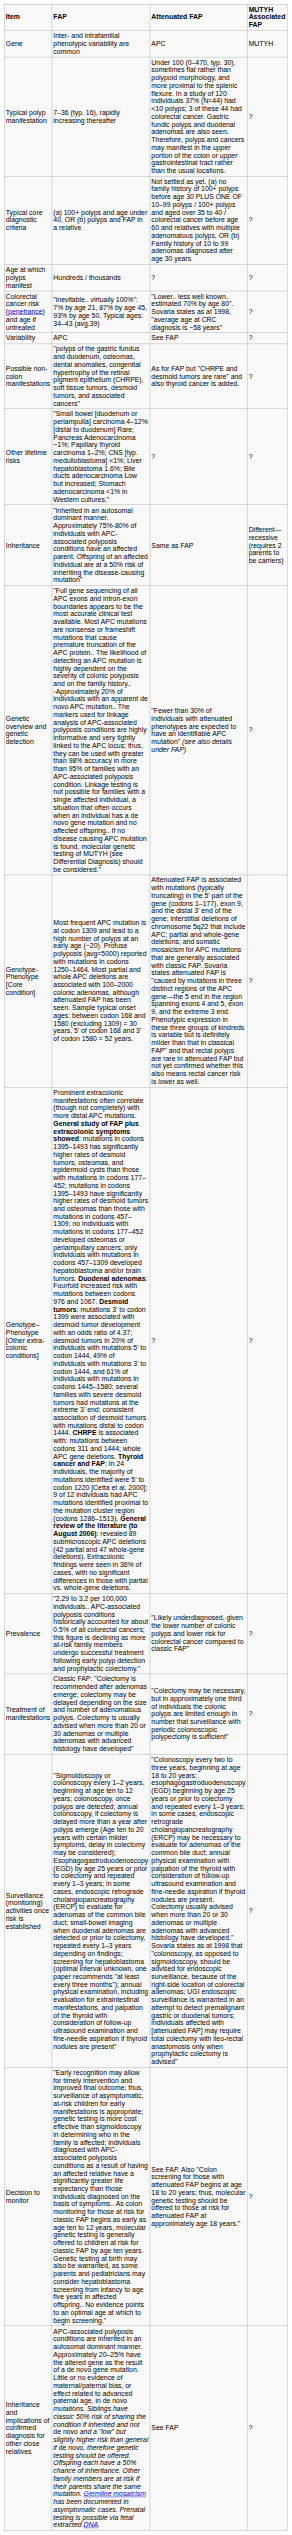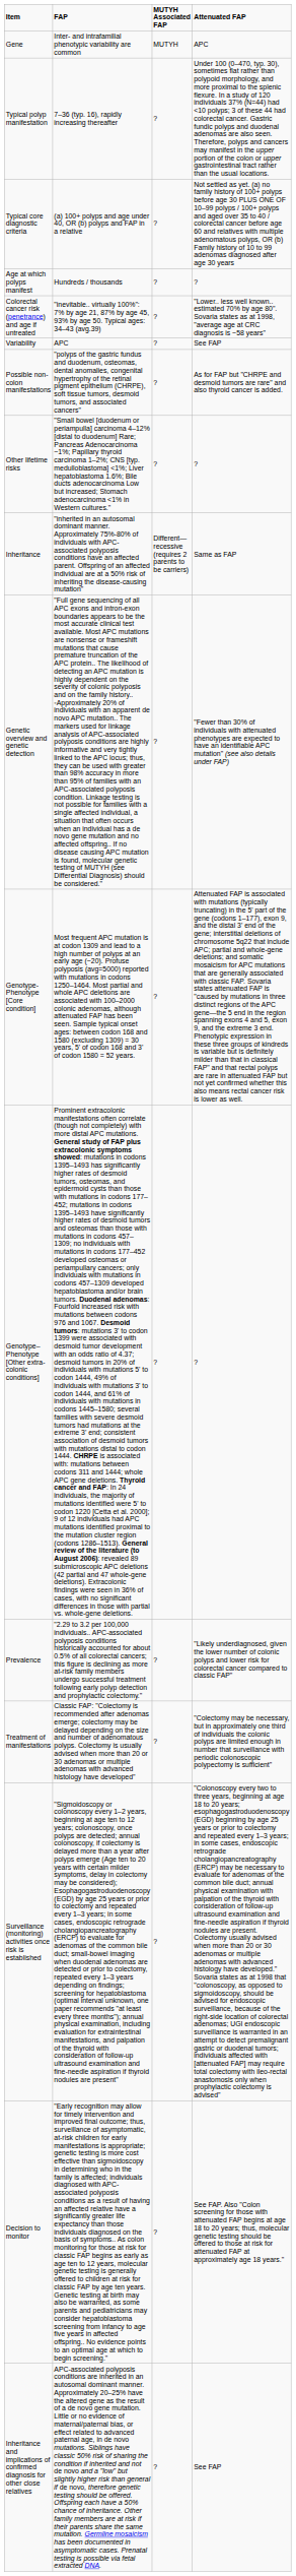 <table class=wikitable>
 <tr>
 <td width=10%><strong>Item</strong></td>
 <td width=40%><strong>FAP</strong></td>
+<td width=20%><strong>MUTYH Associated FAP</strong></td>
 <td width=30%><strong>Attenuated FAP</strong></td>
-<td width=20%><strong>MUTYH Associated FAP</strong></td>
 </tr>
 <tr>
 <td>Gene</td>
 <td>Inter- and intrafamilial phenotypic variability are common</td>
+<td>MUTYH</td>
 <td>APC</td>
-<td>MUTYH</td>
 </tr>
 <tr>
 <td>Typical polyp manifestation</td>
 <td>7–36 (typ. 16), rapidly increasing thereafter</td>
+<td>?</td>
 <td>Under 100 (0–470, typ. 30), sometimes flat rather than polypoid morphology,  and more proximal to the splenic flexure. In a study of 120 individuals 37% (N=44) had <10 polyps; 3 of these 44 had colorectal cancer. Gastric fundic polyps and duodenal adenomas are also seen. Therefore, polyps and cancers may manifest in the <em>upper</em> portion of the colon or <em>upper</em> gastrointestinal tract rather than the usual locations.</td>
-<td>?</td>
 </tr>
 <tr>
 <td>Typical core diagnostic criteria</td>
 <td>(a) 100+ polyps and age under 40, OR (b) polyps and FAP in a relative</td>
+<td>?</td>
 <td>Not settled as yet. (a) no family history of 100+ polyps before age 30 PLUS ONE OF 10–99 polyps / 100+ polyps and aged over 35 to 40 / colorectal cancer before age 60 and relatives with multiple adenomatous polyps, OR (b) Family history of 10 to 99 adenomas diagnosed after age 30 years</td>
-<td>?</td>
 </tr>
 <tr>
 <td>Age at which polyps manifest</td>
 <td>Hundreds / thousands</td>
 <td>?</td>
 <td>?</td>
 </tr>
 <tr>
 <td>Colorectal cancer risk (<a href='#'>penetrance</a>) and age if untreated</td>
 <td>"inevitable.. virtually 100%": 7% by age 21, 87% by age 45, 93% by age 50. Typical ages: 34–43 (avg.39)</td>
+<td>?</td>
 <td>"Lower.. less well known.. estimated 70% by age 80". Sovaria states as at 1998, "average age at CRC diagnosis is ~58 years"</td>
-<td>?</td>
 </tr>
 <tr>
 <td>Variability</td>
 <td>APC</td>
+<td>?</td>
 <td>See FAP</td>
-<td>?</td>
 </tr>
 <tr>
 <td>Possible non-colon manifestations</td>
 <td>"polyps of the gastric fundus and duodenum, osteomas, dental anomalies, congenital hypertrophy of the retinal pigment epithelium (CHRPE), soft tissue tumors, desmoid tumors, and associated cancers"</td>
+<td>?</td>
 <td>As for FAP but "CHRPE and desmoid tumors are rare" and also thyroid cancer is added.</td>
-<td>?</td>
 </tr>
 <tr>
 <td>Other lifetime risks</td>
 <td>"Small bowel [duodenum or periampulla] carcinoma 4–12% [distal to duodenum] Rare; Pancreas Adenocarcinoma ~1%; Papillary thyroid carcinoma 1–2%; CNS [typ. medulloblastoma] <1%; Liver hepatoblastoma 1.6%; Bile ducts adenocarcinoma Low but increased; Stomach adenocarcinoma <1% in Western cultures."</td>
 <td>?</td>
 <td>?</td>
 </tr>
 <tr>
 <td>Inheritance</td>
 <td>"inherited in an autosomal dominant manner. Approximately 75%-80% of individuals with APC-associated polyposis conditions have an affected parent. Offspring of an affected individual are at a 50% risk of inheriting the disease-causing mutation"</td>
+<td>Different—recessive (requires 2 parents to be carriers)</td>
 <td>Same as FAP</td>
-<td>Different—recessive (requires 2 parents to be carriers)</td>
 </tr>
 <tr>
 <td>Genetic overview and genetic detection</td>
 <td>"Full gene sequencing of all APC exons and intron-exon boundaries appears to be the most accurate clinical test available. Most APC mutations are nonsense or frameshift mutations that cause premature truncation of the APC protein.. The likelihood of detecting an APC mutation is highly dependent on the severity of colonic polyposis and on the family history.. ◦Approximately 20% of individuals with an apparent de novo APC mutation.. The markers used for linkage analysis of APC-associated polyposis conditions are highly informative and very tightly linked to the APC locus; thus, they can be used with greater than 98% accuracy in more than 95% of families with an APC-associated polyposis condition. Linkage testing is not possible for families with a single affected individual, a situation that often occurs when an individual has a de novo gene mutation and no affected offspring.. If no disease causing APC mutation is found, molecular genetic testing of MUTYH (see Differential Diagnosis) should be considered."</td>
+<td>?</td>
 <td>"Fewer than 30% of individuals with attenuated phenotypes are expected to have an identifiable APC mutation" <em>(see also details under FAP)</td>
-<td>?</td>
 </tr>
 <tr>
 <td>Genotype-Phenotype [Core condition]</td>
 <td>Most frequent APC mutation is at codon 1309 and lead to a high number of polyps at an early age (~20). Profuse polyposis (avg=5000) reported with mutations in codons 1250–1464. Most partial and whole APC deletions are associated with 100–2000 colonic adenomas, although attenuated FAP has been seen.  Sample typical onset ages: between codon 168 and 1580 (excluding 1309) = 30 years, 5' of codon 168 and 3' of codon 1580 = 52 years.</td>
+<td>?</td>
 <td>Attenuated FAP  is associated with mutations (typically truncating) in the 5' part of the gene (codons 1–177), exon 9, and the distal 3' end of the gene; interstitial deletions of chromosome 5q22 that include APC; partial and whole-gene deletions; and somatic mosaicism for APC mutations that are generally associated with classic FAP. Sovaria states attenuated FAP is "caused by mutations in three distinct regions of the APC gene—the 5 end in the region spanning exons 4 and 5, exon 9, and the extreme 3 end. Phenotypic expression in these three groups of kindreds is variable but is definitely milder than that in classical FAP" and that rectal polyps are rare in attenuated FAP but not yet confirmed whether this also means rectal cancer risk is lower as well.</td>
-<td>?</td>
 </tr>
 <tr>
 <td>Genotype–Phenotype [Other extra-colonic conditions]</td>
 <td>Prominent extracolonic manifestations often correlate (though not completely) with more distal APC mutations. <strong>General study of FAP plus extracolonic symptoms showed</strong>: mutations in codons 1395–1493 has significantly higher rates of desmoid tumors, osteomas, and epidermoid cysts than those with mutations in codons 177–452; mutations in codons 1395–1493 have significantly higher rates of desmoid tumors and osteomas than those with mutations in codons 457–1309; no individuals with mutations in codons 177–452 developed osteomas or periampullary cancers; only individuals with mutations in codons 457–1309 developed hepatoblastoma and/or brain tumors. <strong>Duodenal adenomas</strong>: Fourfold increased risk with mutations between codons 976 and 1067. <strong>Desmoid tumors</strong>: mutations 3' to codon 1399 were associated with desmoid tumor development with an odds ratio of 4.37; desmoid tumors in 20% of individuals with mutations 5' to codon 1444, 49% of individuals with mutations 3' to codon 1444, and 61% of individuals with mutations in codons 1445–1580; several families with severe desmoid tumors had mutations at the extreme 3' end; consistent association of desmoid tumors with mutations distal to codon 1444. <strong>CHRPE</strong> is associated with: mutations between codons 311 and 1444; whole APC gene deletions. <strong>Thyroid cancer and FAP</strong>: In 24 individuals, the majority of mutations identified were 5' to codon 1220 [Cetta et al. 2000]; 9 of 12 individuals had APC mutations identified proximal to the mutation cluster region (codons 1286–1513). <strong>General review of the literature (to August 2006)</strong>: revealed 89 submicroscopic APC deletions (42 partial and 47 whole-gene deletions). Extracolonic findings were seen in 36% of cases, with no significant differences in those with partial vs. whole-gene deletions.</td>
 <td>?</td>
 <td>?</td>
 </tr>
 <tr>
 <td>Prevalence</td>
 <td>"2.29 to 3.2 per 100,000 individuals.. APC-associated polyposis conditions historically accounted for about 0.5% of all colorectal cancers; this figure is declining as more at-risk family members undergo successful treatment following early polyp detection and prophylactic colectomy."</td>
+<td>?</td>
 <td>"Likely underdiagnosed, given the lower number of colonic polyps and lower risk for colorectal cancer compared to classic FAP"</td>
-<td>?</td>
 </tr>
 <tr>
 <td>Treatment of manifestations</td>
 <td>Classic FAP: "Colectomy is recommended after adenomas emerge; colectomy may be delayed depending on the size and number of adenomatous polyps. Colectomy is usually advised when more than 20 or 30 adenomas or multiple adenomas with advanced histology have developed"</td>
+<td>?</td>
 <td>"Colectomy may be necessary, but in approximately one third of individuals the colonic polyps are limited enough in number that surveillance with periodic colonoscopic polypectomy is sufficient"</td>
-<td>?</td>
 </tr>
 <tr>
 <td>Surveillance (monitoring) activities once risk is established</td>
 <td>"Sigmoidoscopy or colonoscopy every 1–2 years, beginning at age ten to 12 years; colonoscopy, once polyps are detected; annual colonoscopy, if colectomy is delayed more than a year after polyps emerge (Age ten to 20 years with certain milder symptoms, delay in colectomy may be considered); Esophagogastroduodenoscopy (EGD) by age 25 years or prior to colectomy and repeated every 1–3 years; in some cases, endoscopic retrograde cholangiopancreatography (ERCP) to evaluate for adenomas of the common bile duct; small-bowel imaging when duodenal adenomas are detected or prior to colectomy, repeated every 1–3 years depending on findings; screening for hepatoblastoma (optimal interval unknown, one paper recommends "at least every three months"); annual physical examination, including evaluation for extraintestinal manifestations, and palpation of the thyroid with consideration of follow-up ultrasound examination and fine-needle aspiration if thyroid nodules are present"</td>
+<td>?</td>
 <td>"Colonoscopy every two to three years, beginning at age 18 to 20 years; esophagogastroduodenoscopy (EGD) beginning by age 25 years or prior to colectomy and repeated every 1–3 years; in some cases, endoscopic retrograde cholangiopancreatography (ERCP) may be necessary to evaluate for adenomas of the common bile duct; annual physical examination with palpation of the thyroid with consideration of follow-up ultrasound examination and fine-needle aspiration if thyroid nodules are present. Colectomy usually advised when more than 20 or 30 adenomas or multiple adenomas with advanced histology have developed." Sovaria states as at 1998 that "colonoscopy, as opposed to sigmoidoscopy, should be advised for endoscopic surveillance, because of the right-side location of colorectal adenomas; UGI endoscopic surveillance is warranted in an attempt to detect premalignant gastric or duodenal tumors; individuals affected with [attenuated FAP] may require total colectomy with ileo-rectal anastomosis only when prophylactic colectomy is advised"</td>
-<td>?</td>
 </tr>
 <tr>
 <td>Decision to monitor</td>
 <td>"Early recognition may allow for timely intervention and improved final outcome; thus, surveillance of asymptomatic, at-risk children for early manifestations is appropriate; genetic testing is more cost effective than sigmoidoscopy in determining who in the family is affected; individuals diagnosed with APC-associated polyposis conditions as a result of having an affected relative have a significantly greater life expectancy than those individuals diagnosed on the basis of symptoms.. As colon monitoring for those at risk for classic FAP begins as early as age ten to 12 years, molecular genetic testing is generally offered to children at risk for classic FAP by age ten years. Genetic testing at birth may also be warranted, as some parents and pediatricians may consider hepatoblastoma screening from infancy to age five years in affected offspring.. No evidence points to an optimal age at which to begin screening."</td>
+<td>?</td>
 <td>See FAP. Also "Colon screening for those with attenuated FAP begins at age 18 to 20 years; thus, molecular genetic testing should be offered to those at risk for attenuated FAP at approximately age 18 years."</td>
-<td>?</td>
 </tr>
 <tr>
 <td>Inheritance and implications of confirmed diagnosis for other close relatives</td>
 <td>APC-associated polyposis conditions are inherited in an autosomal dominant manner. Approximately 20–25% have the altered gene as the result of a de novo gene mutation. Little or no evidence of maternal/paternal bias, or effect related to advanced paternal age, in </em>de novo<em> mutations. Siblings have classic 50% risk of sharing the condition if inherited and not </em>de novo<em> and a "low" but slightly higher risk than general if </em>de novo<em>, therefore genetic testing should be offered. Offspring each have a 50% chance of inheritance. Other family members are at risk if their parents share the same mutation. <a href='#'>Germline mosaicism</a> has been documented in asymptomatic cases. Prenatal testing is possible via fetal extracted <a href='#'>DNA</a>.</td>
+<td>?</td>
 <td>See FAP</td>
-<td>?</td>
 </tr>
 </table>
